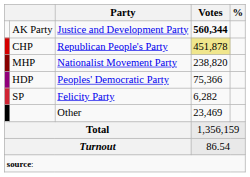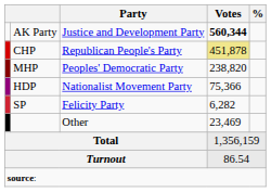 <table class="wikitable">
 <tr>
 <th colspan="2" align="center"></th>
 <th align="center">Party</th>
 <th align="center">Votes</th>
 <th align="center">%</th>
 </tr>
 <tr align="left">
 <td></td>
 <td>AK Party</td>
 <td><a href='#'>Justice and Development Party</a></td>
 <td><strong>560,344</strong></td>
 <td><strong></strong></td>
 </tr>
 <tr align="left">
 <td bgcolor="#d50000" width="1"></td>
 <td>CHP</td>
 <td><a href='#'>Republican People's Party</a></td>
 <td style="background: khaki;">451,878</td>
 <td></td>
 </tr>
 <tr align="left">
 <td bgcolor="#870000" width="1"></td>
 <td>MHP</td>
-<td><a href='#'>Nationalist Movement Party</a></td>
+<td><a href='#'>Peoples' Democratic Party</a></td>
 <td>238,820</td>
 <td></td>
 </tr>
 <tr align="left">
 <td bgcolor="#91007B" width="1"></td>
 <td>HDP</td>
-<td><a href='#'>Peoples' Democratic Party</a></td>
+<td><a href='#'>Nationalist Movement Party</a></td>
 <td>75,366</td>
 <td></td>
 </tr>
 <tr align="left">
 <td bgcolor="#D02433" width="1"></td>
 <td>SP</td>
 <td><a href='#'>Felicity Party</a></td>
 <td>6,282</td>
 <td></td>
 </tr>
 <tr align="left">
 <td bgcolor=" " width="1"></td>
 <td></td>
 <td>Other</td>
 <td>23,469</td>
 <td></td>
 </tr>
 <tr align="left" style="background-color:#E9E9E9">
 <th colspan="3" align="center"><strong>Total</strong></th>
 <td colspan="5" align="center">1,356,159</td>
 </tr>
 <tr align="left" style="background-color:#E9E9E9">
 <th colspan="3" align="center"><em>Turnout</em></th>
 <td colspan="5" align="center">86.54</td>
 </tr>
 <tr>
 <td colspan="9" align="left"><small><strong>source</strong>: </small></td>
 </tr>
 </table>
